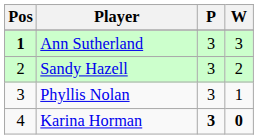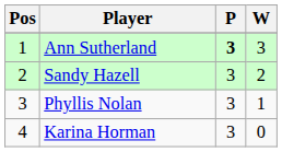 <table class="wikitable">
 <tr>
 <th width=20>Pos</th>
 <th width=150>Player</th>
 <th width=20>P</th>
 <th width=20>W</th>
 </tr>
 <tr>
 </tr>
 <tr align=center style="background: #ccffcc;">
-<td><strong>1</strong></td>
+<td>1</td>
 <td align="left"> <a href='#'>Ann Sutherland</a></td>
-<td>3</td>
+<td><strong>3</strong></td>
 <td>3</td>
 </tr>
 <tr align=center style="background: #ccffcc;">
 <td>2</td>
 <td align="left"> <a href='#'>Sandy Hazell</a></td>
 <td>3</td>
 <td>2</td>
 </tr>
 <tr align=center>
 <td>3</td>
 <td align="left"> <a href='#'>Phyllis Nolan</a></td>
 <td>3</td>
 <td>1</td>
 </tr>
 <tr align=center>
 <td>4</td>
 <td align="left"> <a href='#'>Karina Horman</a></td>
-<td><strong>3</strong></td>
-<td><strong>0</strong></td>
+<td>3</td>
+<td>0</td>
 </tr>
 </table>
